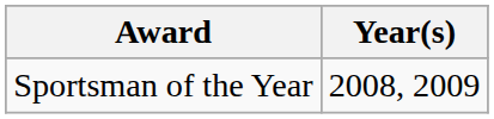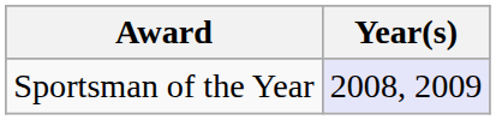 <table class="wikitable">
 <tr>
 <th>Award</th>
 <th>Year(s)</th>
 </tr>
 <tr>
 <td>Sportsman of the Year</td>
-<td>2008, 2009</td>
+<td style="background: lavender;">2008, 2009</td>
 </tr>
 </table>
